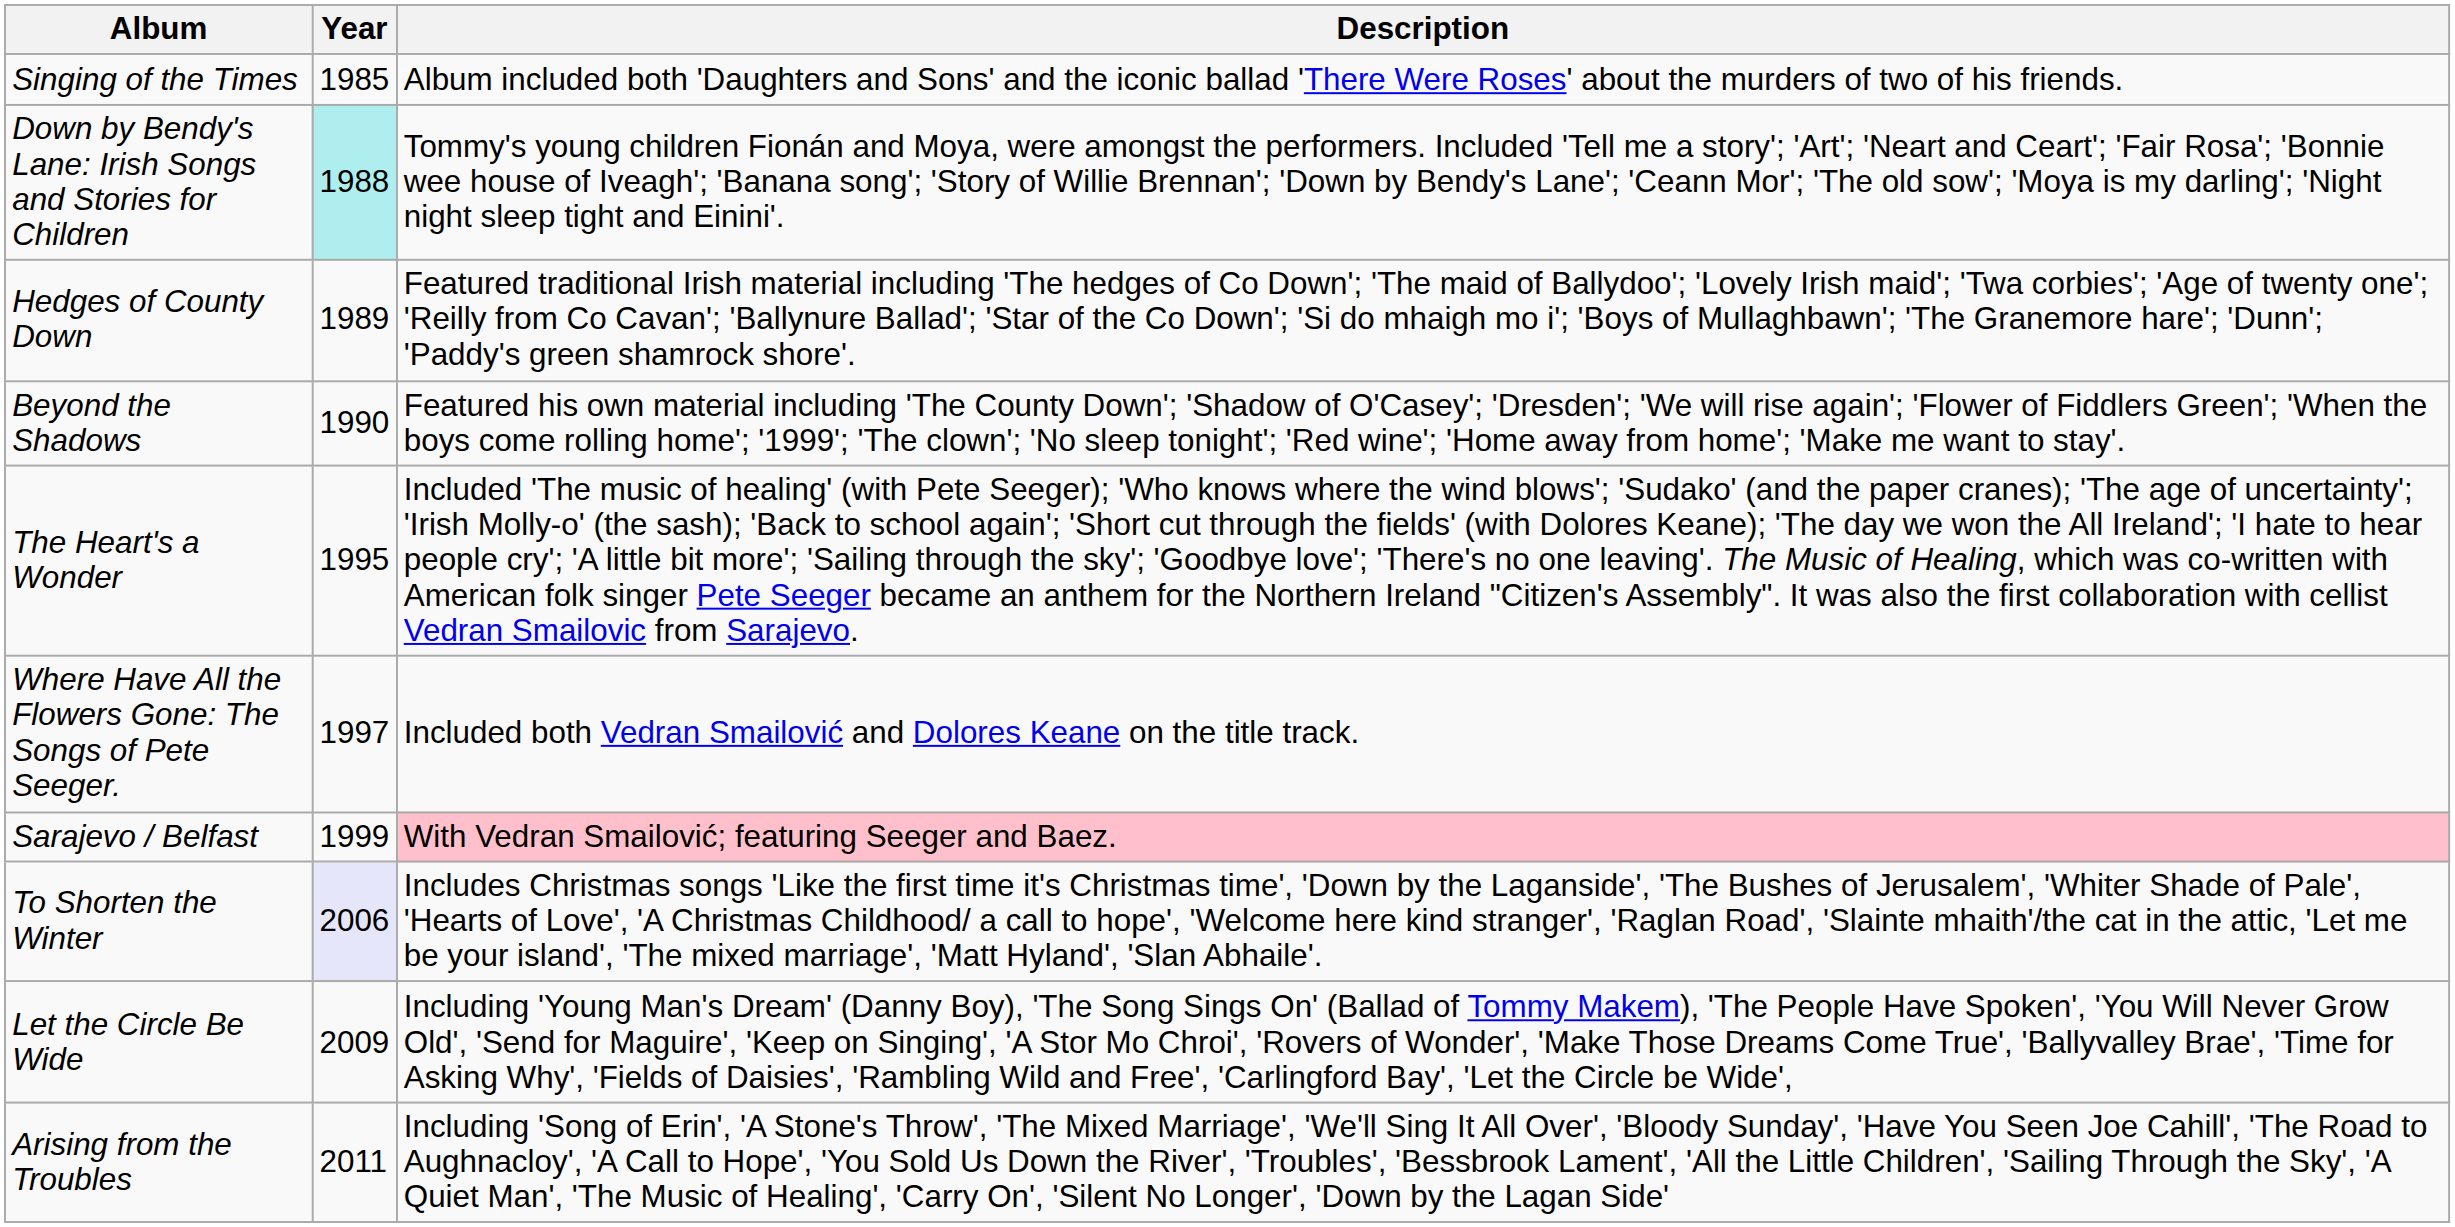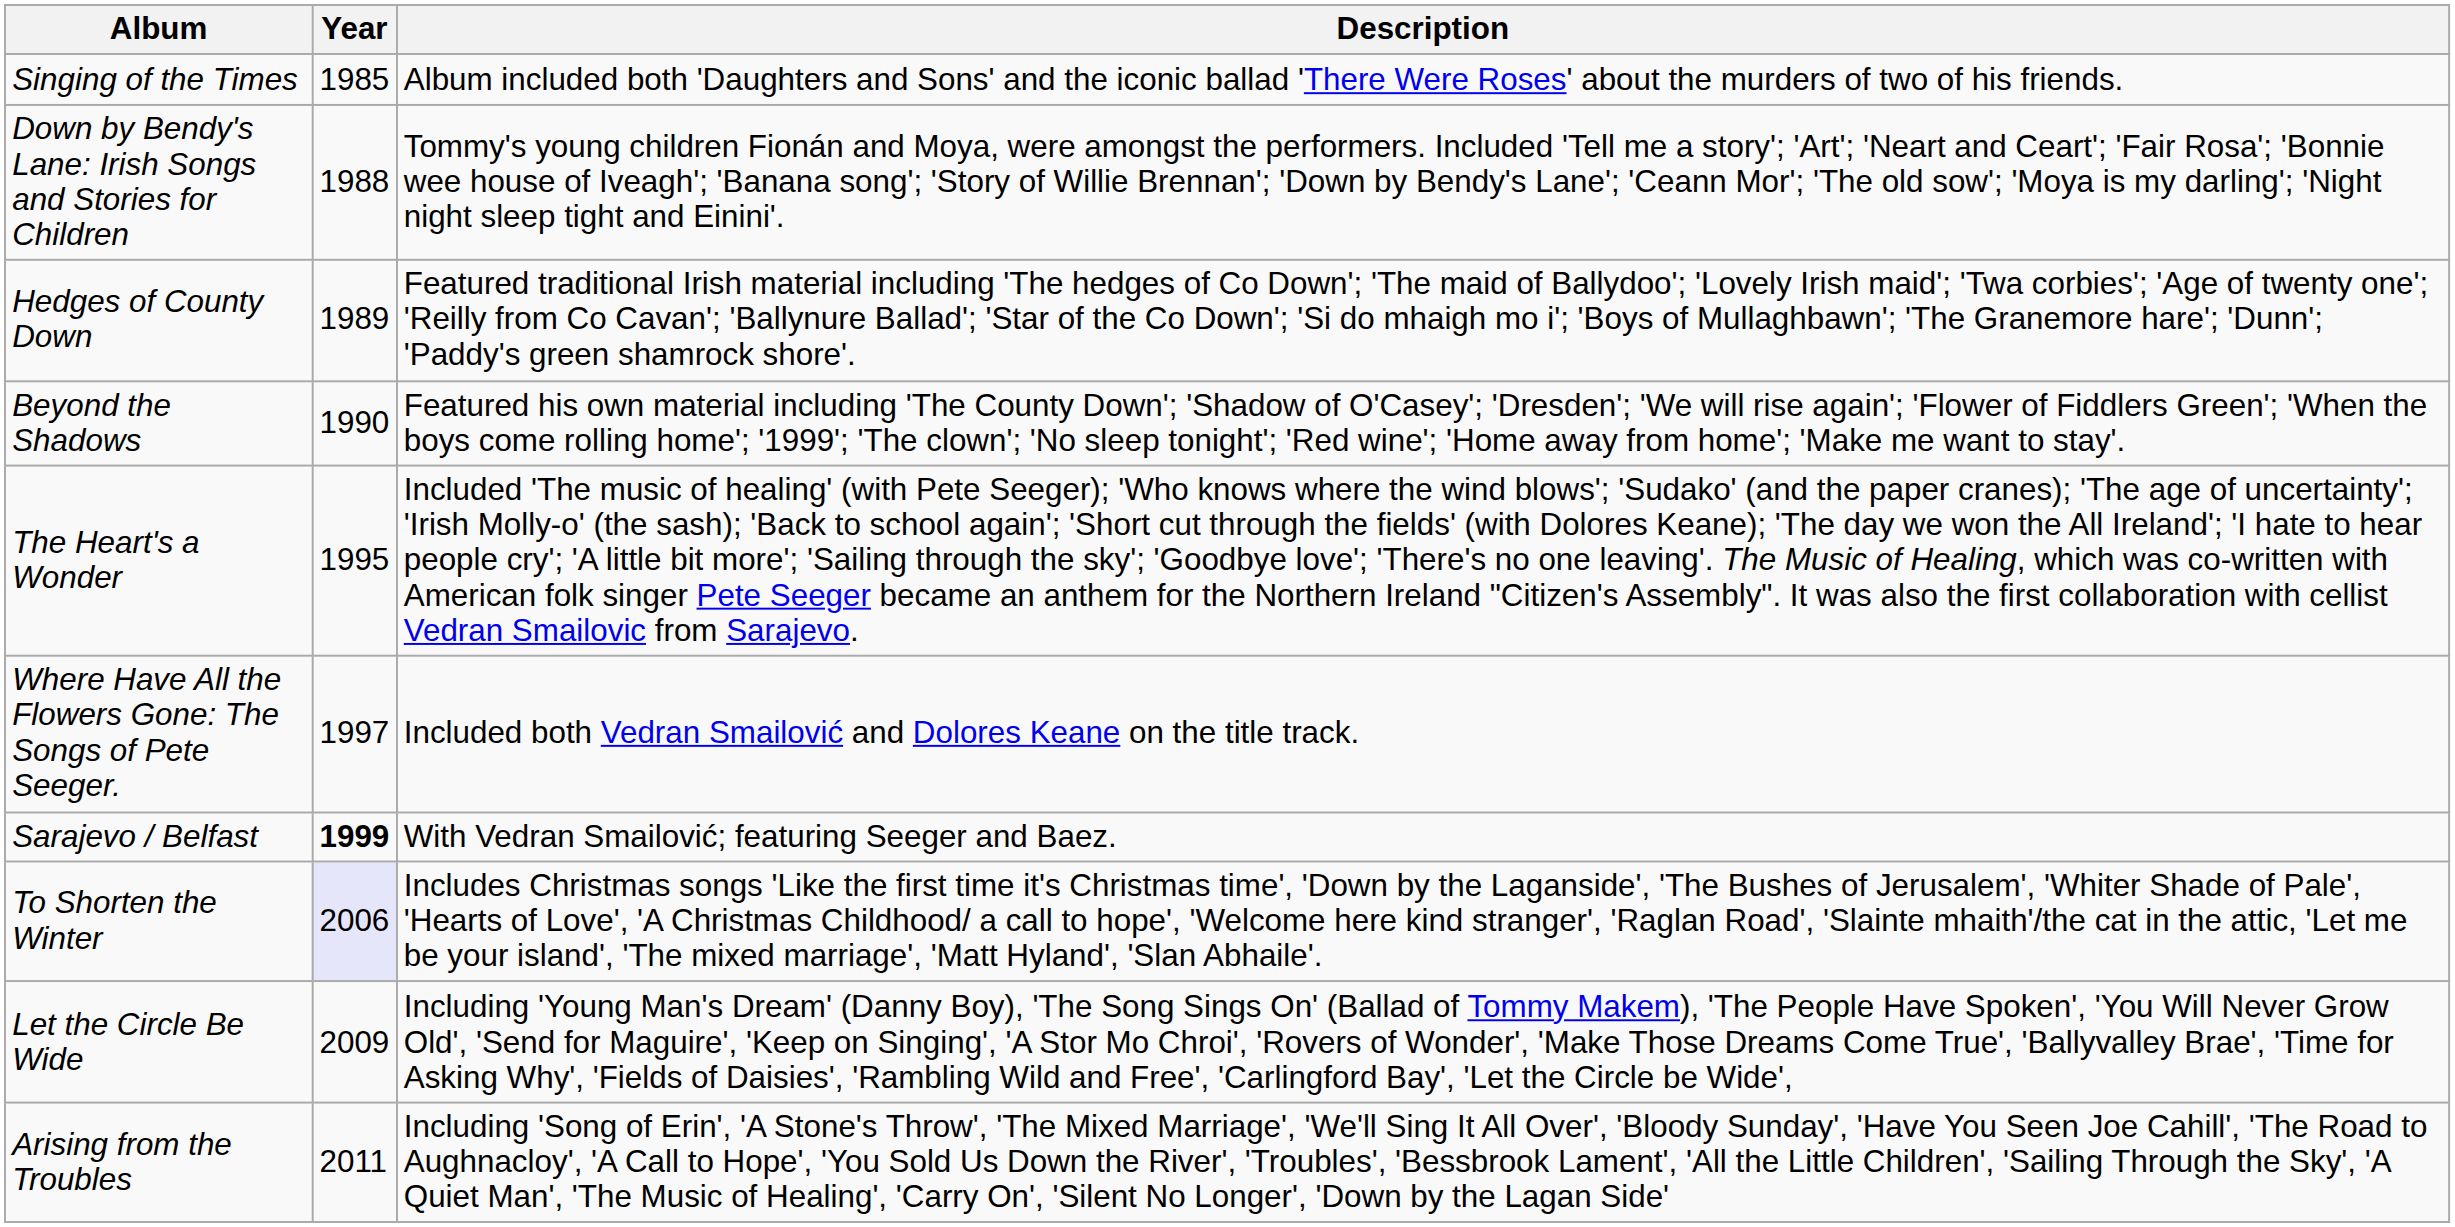 <table class="wikitable">
 <tr>
 <th>Album</th>
 <th>Year</th>
 <th>Description</th>
 </tr>
 <tr>
 <td><em>Singing of the Times</em></td>
 <td>1985</td>
 <td>Album included both 'Daughters and Sons' and the iconic ballad  '<a href='#'>There Were Roses</a>' about the murders of two of his friends.</td>
 </tr>
 <tr>
 <td><em>Down by Bendy's Lane: Irish Songs and Stories for Children</em></td>
-<td style="background: paleturquoise;">1988</td>
+<td>1988</td>
 <td>Tommy's young children Fionán and Moya, were amongst the performers. Included 'Tell me a story'; 'Art'; 'Neart and Ceart'; 'Fair Rosa'; 'Bonnie wee house of Iveagh'; 'Banana song'; 'Story of Willie Brennan'; 'Down by Bendy's Lane'; 'Ceann Mor'; 'The old sow'; 'Moya is my darling'; 'Night night sleep tight and Einini'.</td>
 </tr>
 <tr>
 <td><em>Hedges of County Down</em></td>
 <td>1989</td>
 <td>Featured traditional Irish material including 'The hedges of Co Down'; 'The maid of Ballydoo'; 'Lovely Irish maid'; 'Twa corbies'; 'Age of twenty one'; 'Reilly from Co Cavan'; 'Ballynure Ballad'; 'Star of the Co Down'; 'Si do mhaigh mo i'; 'Boys of Mullaghbawn'; 'The Granemore hare'; 'Dunn'; 'Paddy's green shamrock shore'.</td>
 </tr>
 <tr>
 <td><em>Beyond the Shadows</em></td>
 <td>1990</td>
 <td>Featured his own material including 'The County Down'; 'Shadow of O'Casey'; 'Dresden'; 'We will rise again'; 'Flower of Fiddlers Green'; 'When the boys come rolling home'; '1999'; 'The clown'; 'No sleep tonight'; 'Red wine'; 'Home away from home'; 'Make me want to stay'.</td>
 </tr>
 <tr>
 <td><em>The Heart's a Wonder</em></td>
 <td>1995</td>
 <td>Included 'The music of healing' (with Pete Seeger); 'Who knows where the wind blows'; 'Sudako' (and the paper cranes); 'The age of uncertainty'; 'Irish Molly-o' (the sash); 'Back to school again'; 'Short cut through the fields' (with Dolores Keane); 'The day we won the All Ireland'; 'I hate to hear people cry'; 'A little bit more'; 'Sailing through the sky'; 'Goodbye love'; 'There's no one leaving'. <em>The Music of Healing</em>, which was co-written with American folk singer <a href='#'>Pete Seeger</a> became an anthem for the Northern Ireland "Citizen's Assembly". It was also the first collaboration with cellist <a href='#'>Vedran Smailovic</a> from <a href='#'>Sarajevo</a>.</td>
 </tr>
 <tr>
 <td><em>Where Have All the Flowers Gone: The Songs of Pete Seeger.</em></td>
 <td>1997</td>
 <td>Included both <a href='#'>Vedran Smailović</a> and <a href='#'>Dolores Keane</a> on the title track.</td>
 </tr>
 <tr>
 <td><em>Sarajevo / Belfast</em></td>
-<td>1999</td>
-<td style="background: pink;">With Vedran Smailović; featuring Seeger and Baez. </td>
+<td><strong>1999</strong></td>
+<td>With Vedran Smailović; featuring Seeger and Baez. </td>
 </tr>
 <tr>
 <td><em>To Shorten the Winter</em></td>
 <td style="background: lavender;">2006</td>
 <td>Includes Christmas songs 'Like the first time it's Christmas time', 'Down by the Laganside', 'The Bushes of Jerusalem', 'Whiter Shade of Pale', 'Hearts of Love', 'A Christmas Childhood/ a call to hope', 'Welcome here kind stranger', 'Raglan Road', 'Slainte mhaith'/the cat in the attic, 'Let me be your island', 'The mixed marriage', 'Matt Hyland', 'Slan Abhaile'.</td>
 </tr>
 <tr>
 <td><em>Let the Circle Be Wide</em></td>
 <td>2009</td>
 <td>Including 'Young Man's Dream' (Danny Boy), 'The Song Sings On' (Ballad of <a href='#'>Tommy Makem</a>), 'The People Have Spoken', 'You Will Never Grow Old', 'Send for Maguire', 'Keep on Singing', 'A Stor Mo Chroi', 'Rovers of Wonder', 'Make Those Dreams Come True', 'Ballyvalley Brae', 'Time for Asking Why', 'Fields of Daisies', 'Rambling Wild and Free', 'Carlingford Bay', 'Let the Circle be Wide',</td>
 </tr>
 <tr>
 <td><em>Arising from the Troubles</em></td>
 <td>2011</td>
 <td>Including 'Song of Erin',  'A Stone's Throw', 'The Mixed Marriage', 'We'll Sing It All Over', 'Bloody Sunday', 'Have You Seen Joe Cahill', 'The Road to Aughnacloy', 'A Call to Hope', 'You Sold Us Down the River', 'Troubles', 'Bessbrook Lament', 'All the Little Children', 'Sailing Through the Sky', 'A Quiet Man', 'The Music of Healing', 'Carry On', 'Silent No Longer', 'Down by the Lagan Side' </td>
 </tr>
 <tr>
 </tr>
 </table>
